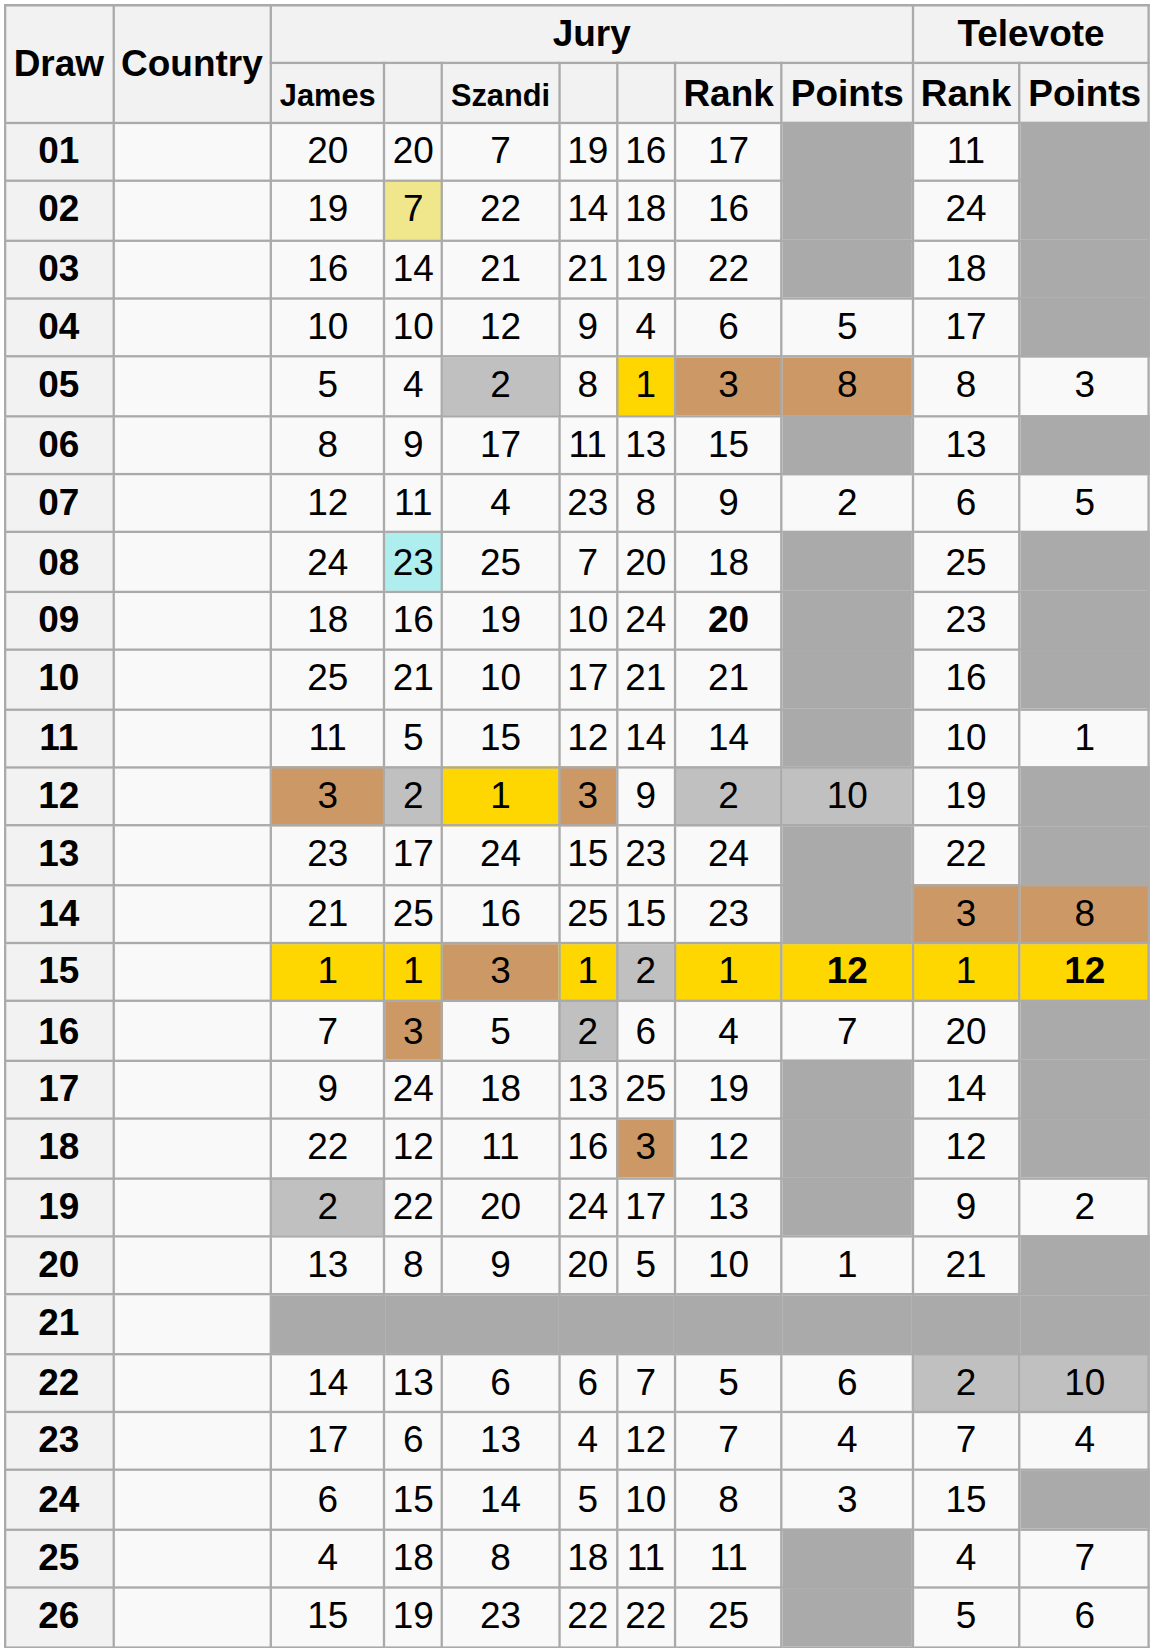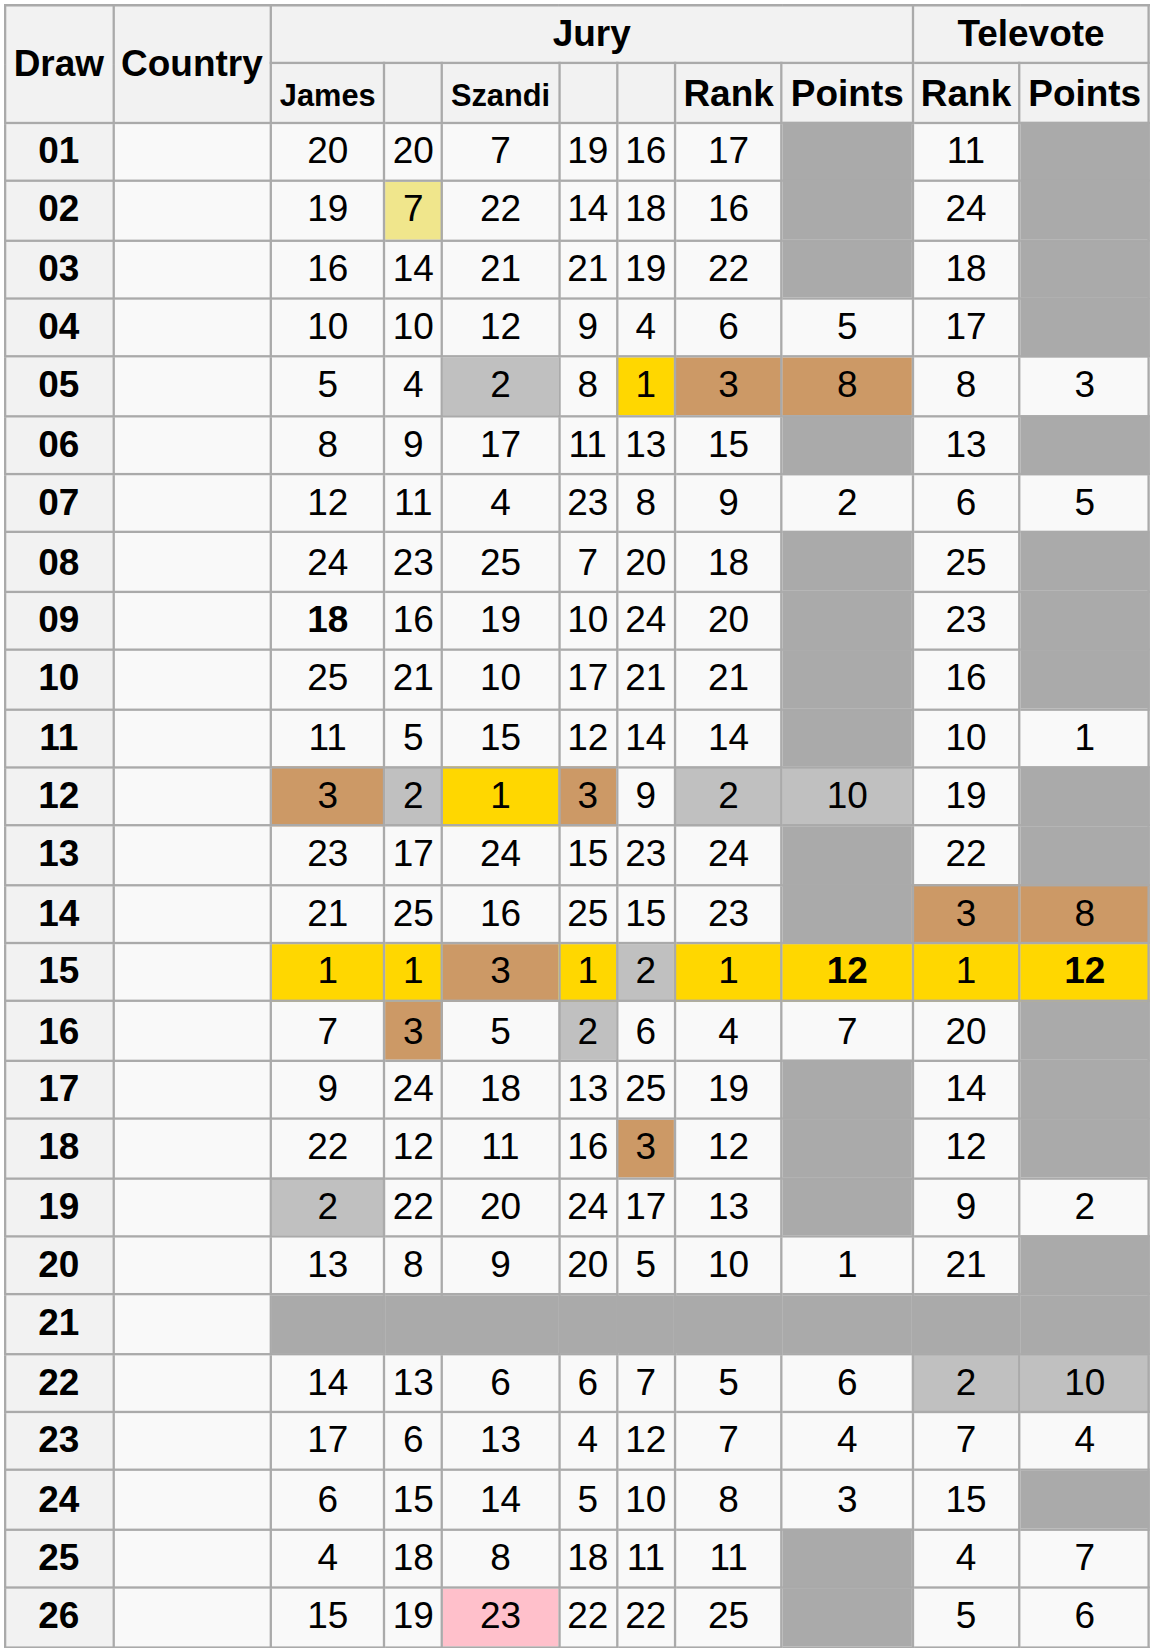 <table class="sortable wikitable collapsible plainrowheaders" style="text-align:center;">
 <tr>
 </tr>
 <tr>
 <th scope="col" rowspan="2">Draw</th>
 <th scope="col" rowspan="2">Country</th>
 <th scope="col" colspan="7">Jury</th>
 <th scope="col" colspan="2">Televote</th>
 </tr>
 <tr>
 <th scope="col"><small>James</small></th>
 <th scope="col"><small></small></th>
 <th scope="col"><small>Szandi</small></th>
 <th scope="col"><small></small></th>
 <th scope="col"><small></small></th>
 <th scope="col">Rank</th>
 <th scope="col">Points</th>
 <th scope="col">Rank</th>
 <th scope="col">Points</th>
 </tr>
 <tr>
 <th scope="row" style="text-align:center;">01</th>
 <td style="text-align:left;"></td>
 <td>20</td>
 <td>20</td>
 <td>7</td>
 <td>19</td>
 <td>16</td>
 <td>17</td>
 <td style="background:#AAAAAA;"></td>
 <td>11</td>
 <td style="background:#AAAAAA;"></td>
 </tr>
 <tr>
 <th scope="row" style="text-align:center;">02</th>
 <td style="text-align:left;"></td>
 <td>19</td>
 <td style="background: khaki;">7</td>
 <td>22</td>
 <td>14</td>
 <td>18</td>
 <td>16</td>
 <td style="background:#AAAAAA;"></td>
 <td>24</td>
 <td style="background:#AAAAAA;"></td>
 </tr>
 <tr>
 <th scope="row" style="text-align:center;">03</th>
 <td style="text-align:left;"></td>
 <td>16</td>
 <td>14</td>
 <td>21</td>
 <td>21</td>
 <td>19</td>
 <td>22</td>
 <td style="background:#AAAAAA;"></td>
 <td>18</td>
 <td style="background:#AAAAAA;"></td>
 </tr>
 <tr>
 <th scope="row" style="text-align:center;">04</th>
 <td style="text-align:left;"></td>
 <td>10</td>
 <td>10</td>
 <td>12</td>
 <td>9</td>
 <td>4</td>
 <td>6</td>
 <td>5</td>
 <td>17</td>
 <td style="background:#AAAAAA;"></td>
 </tr>
 <tr>
 <th scope="row" style="text-align:center;">05</th>
 <td style="text-align:left;"></td>
 <td>5</td>
 <td>4</td>
 <td style="background:silver;">2</td>
 <td>8</td>
 <td style="background:gold;">1</td>
 <td style="background:#CC9966;">3</td>
 <td style="background:#CC9966;">8</td>
 <td>8</td>
 <td>3</td>
 </tr>
 <tr>
 <th scope="row" style="text-align:center;">06</th>
 <td style="text-align:left;"></td>
 <td>8</td>
 <td>9</td>
 <td>17</td>
 <td>11</td>
 <td>13</td>
 <td>15</td>
 <td style="background:#AAAAAA;"></td>
 <td>13</td>
 <td style="background:#AAAAAA;"></td>
 </tr>
 <tr>
 <th scope="row" style="text-align:center;">07</th>
 <td style="text-align:left;"></td>
 <td>12</td>
 <td>11</td>
 <td>4</td>
 <td>23</td>
 <td>8</td>
 <td>9</td>
 <td>2</td>
 <td>6</td>
 <td>5</td>
 </tr>
 <tr>
 <th scope="row" style="text-align:center;">08</th>
 <td style="text-align:left;"></td>
 <td>24</td>
-<td style="background: paleturquoise;">23</td>
+<td>23</td>
 <td>25</td>
 <td>7</td>
 <td>20</td>
 <td>18</td>
 <td style="background:#AAAAAA;"></td>
 <td>25</td>
 <td style="background:#AAAAAA;"></td>
 </tr>
 <tr>
 <th scope="row" style="text-align:center;">09</th>
 <td style="text-align:left;"></td>
-<td>18</td>
+<td><strong>18</strong></td>
 <td>16</td>
 <td>19</td>
 <td>10</td>
 <td>24</td>
-<td><strong>20</strong></td>
+<td>20</td>
 <td style="background:#AAAAAA;"></td>
 <td>23</td>
 <td style="background:#AAAAAA;"></td>
 </tr>
 <tr>
 <th scope="row" style="text-align:center;">10</th>
 <td style="text-align:left;"></td>
 <td>25</td>
 <td>21</td>
 <td>10</td>
 <td>17</td>
 <td>21</td>
 <td>21</td>
 <td style="background:#AAAAAA;"></td>
 <td>16</td>
 <td style="background:#AAAAAA;"></td>
 </tr>
 <tr>
 <th scope="row" style="text-align:center;">11</th>
 <td style="text-align:left;"></td>
 <td>11</td>
 <td>5</td>
 <td>15</td>
 <td>12</td>
 <td>14</td>
 <td>14</td>
 <td style="background:#AAAAAA;"></td>
 <td>10</td>
 <td>1</td>
 </tr>
 <tr>
 <th scope="row" style="text-align:center;">12</th>
 <td style="text-align:left;"></td>
 <td style="background:#CC9966;">3</td>
 <td style="background:silver;">2</td>
 <td style="background:gold;">1</td>
 <td style="background:#CC9966;">3</td>
 <td>9</td>
 <td style="background:silver;">2</td>
 <td style="background:silver;">10</td>
 <td>19</td>
 <td style="background:#AAAAAA;"></td>
 </tr>
 <tr>
 <th scope="row" style="text-align:center;">13</th>
 <td style="text-align:left;"></td>
 <td>23</td>
 <td>17</td>
 <td>24</td>
 <td>15</td>
 <td>23</td>
 <td>24</td>
 <td style="background:#AAAAAA;"></td>
 <td>22</td>
 <td style="background:#AAAAAA;"></td>
 </tr>
 <tr>
 <th scope="row" style="text-align:center;">14</th>
 <td style="text-align:left;"></td>
 <td>21</td>
 <td>25</td>
 <td>16</td>
 <td>25</td>
 <td>15</td>
 <td>23</td>
 <td style="background:#AAAAAA;"></td>
 <td style="background:#CC9966;">3</td>
 <td style="background:#CC9966;">8</td>
 </tr>
 <tr>
 <th scope="row" style="text-align:center;">15</th>
 <td style="text-align:left;"></td>
 <td style="background:gold;">1</td>
 <td style="background:gold;">1</td>
 <td style="background:#CC9966;">3</td>
 <td style="background:gold;">1</td>
 <td style="background:silver;">2</td>
 <td style="background:gold;">1</td>
 <td style="background:gold;"><strong>12</strong></td>
 <td style="background:gold;">1</td>
 <td style="background:gold;"><strong>12</strong></td>
 </tr>
 <tr>
 <th scope="row" style="text-align:center;">16</th>
 <td style="text-align:left;"></td>
 <td>7</td>
 <td style="background:#CC9966;">3</td>
 <td>5</td>
 <td style="background:silver;">2</td>
 <td>6</td>
 <td>4</td>
 <td>7</td>
 <td>20</td>
 <td style="background:#AAAAAA;"></td>
 </tr>
 <tr>
 <th scope="row" style="text-align:center;">17</th>
 <td style="text-align:left;"></td>
 <td>9</td>
 <td>24</td>
 <td>18</td>
 <td>13</td>
 <td>25</td>
 <td>19</td>
 <td style="background:#AAAAAA;"></td>
 <td>14</td>
 <td style="background:#AAAAAA;"></td>
 </tr>
 <tr>
 <th scope="row" style="text-align:center;">18</th>
 <td style="text-align:left;"></td>
 <td>22</td>
 <td>12</td>
 <td>11</td>
 <td>16</td>
 <td style="background:#CC9966;">3</td>
 <td>12</td>
 <td style="background:#AAAAAA;"></td>
 <td>12</td>
 <td style="background:#AAAAAA;"></td>
 </tr>
 <tr>
 <th scope="row" style="text-align:center;">19</th>
 <td style="text-align:left;"></td>
 <td style="background:silver;">2</td>
 <td>22</td>
 <td>20</td>
 <td>24</td>
 <td>17</td>
 <td>13</td>
 <td style="background:#AAAAAA;"></td>
 <td>9</td>
 <td>2</td>
 </tr>
 <tr>
 <th scope="row" style="text-align:center;">20</th>
 <td style="text-align:left;"></td>
 <td>13</td>
 <td>8</td>
 <td>9</td>
 <td>20</td>
 <td>5</td>
 <td>10</td>
 <td>1</td>
 <td>21</td>
 <td style="background:#AAAAAA;"></td>
 </tr>
 <tr class="sortbottom">
 <th scope="row" style="text-align:center;">21</th>
 <td style="text-align:left;"></td>
 <td style="background:#AAAAAA;"></td>
 <td style="background:#AAAAAA;"></td>
 <td style="background:#AAAAAA;"></td>
 <td style="background:#AAAAAA;"></td>
 <td style="background:#AAAAAA;"></td>
 <td style="background:#AAAAAA;"></td>
 <td style="background:#AAAAAA;"></td>
 <td style="background:#AAAAAA;"></td>
 <td style="background:#AAAAAA;"></td>
 </tr>
 <tr>
 <th scope="row" style="text-align:center;">22</th>
 <td style="text-align:left;"></td>
 <td>14</td>
 <td>13</td>
 <td>6</td>
 <td>6</td>
 <td>7</td>
 <td>5</td>
 <td>6</td>
 <td style="background:silver;">2</td>
 <td style="background:silver;">10</td>
 </tr>
 <tr>
 <th scope="row" style="text-align:center;">23</th>
 <td style="text-align:left;"></td>
 <td>17</td>
 <td>6</td>
 <td>13</td>
 <td>4</td>
 <td>12</td>
 <td>7</td>
 <td>4</td>
 <td>7</td>
 <td>4</td>
 </tr>
 <tr>
 <th scope="row" style="text-align:center;">24</th>
 <td style="text-align:left;"></td>
 <td>6</td>
 <td>15</td>
 <td>14</td>
 <td>5</td>
 <td>10</td>
 <td>8</td>
 <td>3</td>
 <td>15</td>
 <td style="background:#AAAAAA;"></td>
 </tr>
 <tr>
 <th scope="row" style="text-align:center;">25</th>
 <td style="text-align:left;"></td>
 <td>4</td>
 <td>18</td>
 <td>8</td>
 <td>18</td>
 <td>11</td>
 <td>11</td>
 <td style="background:#AAAAAA;"></td>
 <td>4</td>
 <td>7</td>
 </tr>
 <tr>
 <th scope="row" style="text-align:center;">26</th>
 <td style="text-align:left;"></td>
 <td>15</td>
 <td>19</td>
-<td>23</td>
+<td style="background: pink;">23</td>
 <td>22</td>
 <td>22</td>
 <td>25</td>
 <td style="background:#AAAAAA;"></td>
 <td>5</td>
 <td>6</td>
 </tr>
 </table>
